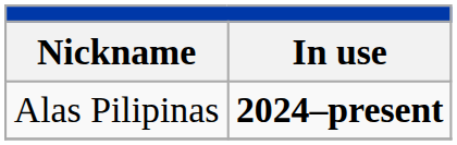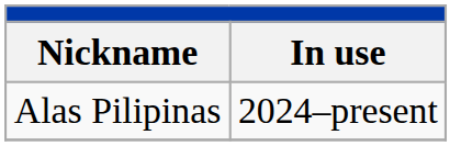 <table class="wikitable floatright">
 <tr>
 <th colspan="2" style="background:#0038A8; color:#FFFFFF;"></th>
 </tr>
 <tr>
 <th>Nickname</th>
 <th>In use</th>
 </tr>
 <tr>
 <td>Alas Pilipinas</td>
-<td style="text-align:center"><strong>2024–present</strong></td>
+<td style="text-align:center">2024–present</td>
 </tr>
 <tr>
 </tr>
 </table>
